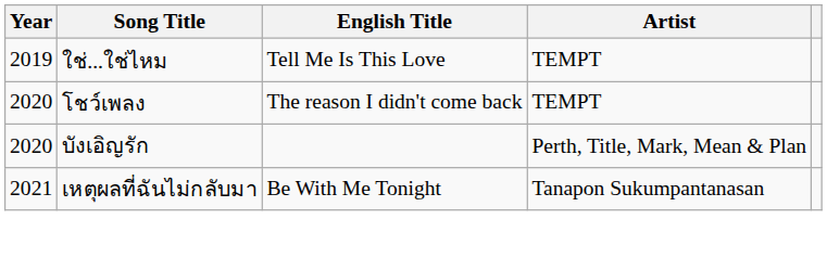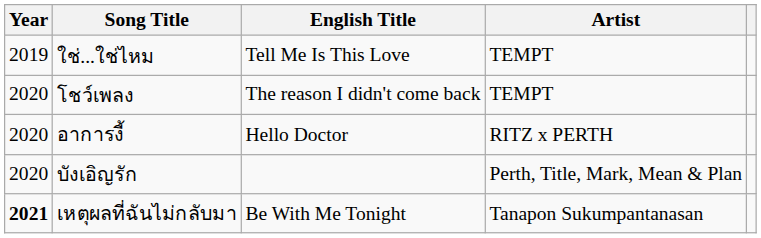 <table class="wikitable">
 <tr>
 <th>Year</th>
 <th>Song Title</th>
 <th>English Title</th>
 <th>Artist</th>
 <th></th>
 </tr>
 <tr>
 <td>2019</td>
 <td>ใช่...ใช่ไหม</td>
 <td>Tell Me Is This Love</td>
 <td>TEMPT</td>
 <td></td>
 </tr>
 <tr>
 <td>2020</td>
 <td>โชว์เพลง</td>
 <td>The reason I didn't come back</td>
 <td>TEMPT</td>
 <td></td>
 </tr>
 <tr>
 <td>2020</td>
+<td>อาการงี้</td>
+<td>Hello Doctor</td>
+<td>RITZ x PERTH</td>
+<td></td>
+</tr>
+<tr>
+<td>2020</td>
 <td>บังเอิญรัก</td>
 <td></td>
 <td>Perth, Title, Mark, Mean & Plan</td>
 <td></td>
 </tr>
 <tr>
-<td rowspan="1" style="text-align: center;">2021</td>
+<td rowspan="1" style="text-align: center;"><strong>2021</strong></td>
 <td>เหตุผลที่ฉันไม่กลับมา​</td>
 <td>Be With Me Tonight</td>
 <td>Tanapon Sukumpantanasan</td>
 <td></td>
 </tr>
 </table>
